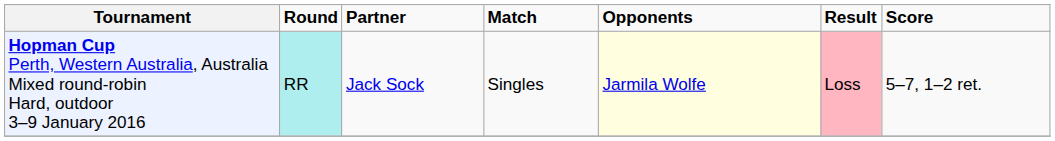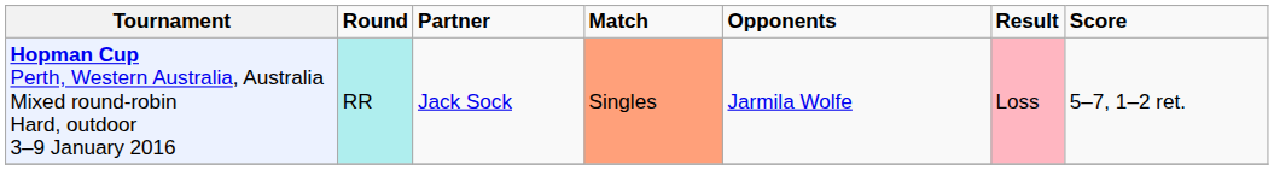 <table class="wikitable">
 <tr style="font-weight:bold">
 <th style="width:250px;">Tournament</th>
 <td style="width:50px;">Round</td>
 <td style="width:125px;">Partner</td>
 <td style="width:100px;">Match</td>
 <td style="width:200px;">Opponents</td>
 <td style="width:50px;">Result</td>
 <td style="width:150px;">Score</td>
 </tr>
 <tr>
 <td style="background:#ecf2ff; text-align:left; vertical-align:top;"><strong><a href='#'>Hopman Cup</a></strong><br> <a href='#'>Perth, Western Australia</a>, Australia<br>Mixed round-robin<br>Hard, outdoor<br>3–9 January 2016</td>
 <td bgcolor=#afeeee>RR</td>
 <td> <a href='#'>Jack Sock</a></td>
-<td>Singles</td>
-<td style="background: lightyellow;"> <a href='#'>Jarmila Wolfe</a></td>
+<td style="background: lightsalmon;">Singles</td>
+<td> <a href='#'>Jarmila Wolfe</a></td>
 <td bgcolor=lightpink>Loss</td>
 <td>5–7, 1–2 ret.</td>
 </tr>
 <tr>
 </tr>
 </table>
